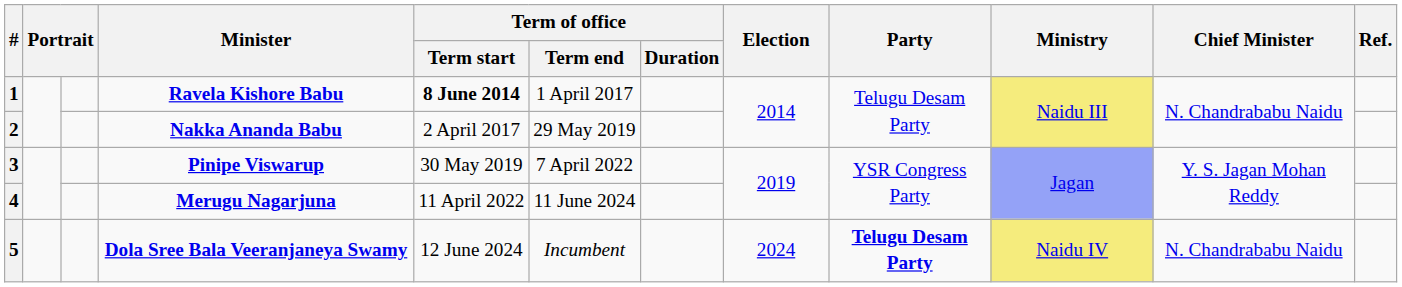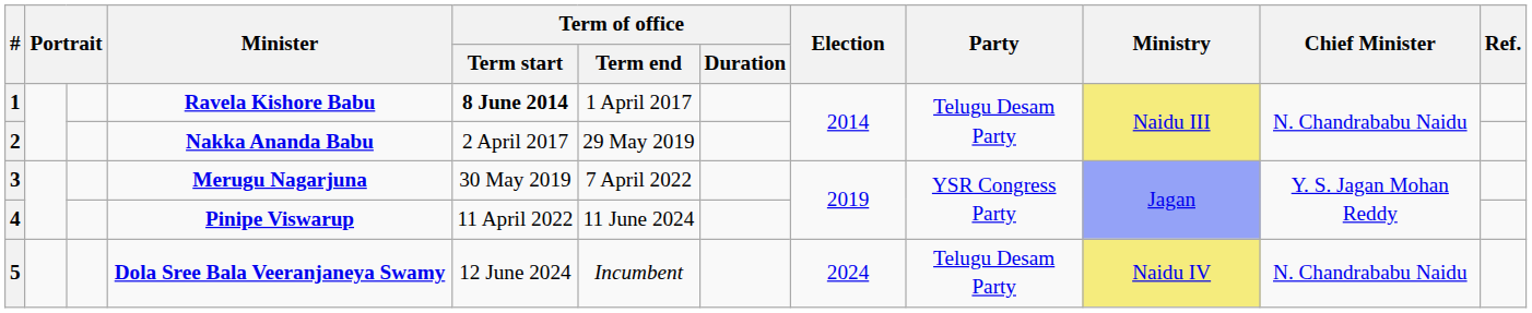 <table class="wikitable" style="line-height:1.4em; text-align:center">
 <tr>
 <th rowspan=2>#</th>
 <th rowspan=2 colspan="2">Portrait</th>
 <th rowspan=2 style="width:16em">Minister<br></th>
 <th colspan="3">Term of office</th>
 <th rowspan=2 style="width:5em">Election<br></th>
 <th rowspan=2 style="width:8em">Party</th>
 <th rowspan=2 style="width:8em">Ministry</th>
 <th rowspan=2 style="width:10em">Chief Minister</th>
 <th rowspan=2>Ref.</th>
 </tr>
 <tr>
 <th>Term start</th>
 <th>Term end</th>
 <th>Duration</th>
 </tr>
 <tr>
 <th>1</th>
 <td rowspan=2></td>
 <td></td>
 <td><strong><a href='#'>Ravela Kishore Babu</a></strong><br></td>
 <td><strong>8 June 2014</strong></td>
 <td>1 April 2017</td>
 <td><strong></strong></td>
 <td rowspan=2><a href='#'>2014</a><br></td>
 <td rowspan=2><a href='#'>Telugu Desam Party</a></td>
 <td rowspan=2 bgcolor="#F5EC7D"><a href='#'>Naidu III</a></td>
 <td rowspan=2><a href='#'>N. Chandrababu Naidu</a></td>
 <td></td>
 </tr>
 <tr>
 <th>2</th>
 <td></td>
 <td><strong><a href='#'>Nakka Ananda Babu</a></strong><br></td>
 <td>2 April 2017</td>
 <td>29 May 2019</td>
 <td><strong></strong></td>
 <td></td>
 </tr>
 <tr>
 <th>3</th>
 <td rowspan=2></td>
 <td></td>
-<td><strong><a href='#'>Pinipe Viswarup</a></strong><br></td>
+<td><strong><a href='#'>Merugu Nagarjuna</a></strong><br></td>
 <td>30 May 2019</td>
 <td>7 April 2022</td>
 <td><strong></strong></td>
 <td rowspan=2><a href='#'>2019</a><br></td>
 <td rowspan="2"><a href='#'>YSR Congress Party</a></td>
 <td rowspan=2 bgcolor="#94A2F7"><a href='#'>Jagan</a></td>
 <td rowspan="2"><a href='#'>Y. S. Jagan Mohan Reddy</a></td>
 <td></td>
 </tr>
 <tr>
 <th>4</th>
 <td></td>
-<td><strong><a href='#'>Merugu Nagarjuna</a></strong><br></td>
+<td><strong><a href='#'>Pinipe Viswarup</a></strong><br></td>
 <td>11 April 2022</td>
 <td>11 June 2024</td>
 <td><strong></strong></td>
 <td></td>
 </tr>
 <tr>
 <th>5</th>
 <td></td>
 <td></td>
 <td><strong><a href='#'>Dola Sree Bala Veeranjaneya Swamy</a></strong><br></td>
 <td>12 June 2024</td>
 <td><em>Incumbent</em></td>
 <td><strong></strong></td>
 <td><a href='#'>2024</a><br></td>
-<td><strong><a href='#'>Telugu Desam Party</a></strong></td>
+<td><a href='#'>Telugu Desam Party</a></td>
 <td bgcolor="#F5EC7D"><a href='#'>Naidu IV</a></td>
 <td><a href='#'>N. Chandrababu Naidu</a></td>
 <td></td>
 </tr>
 </table>
